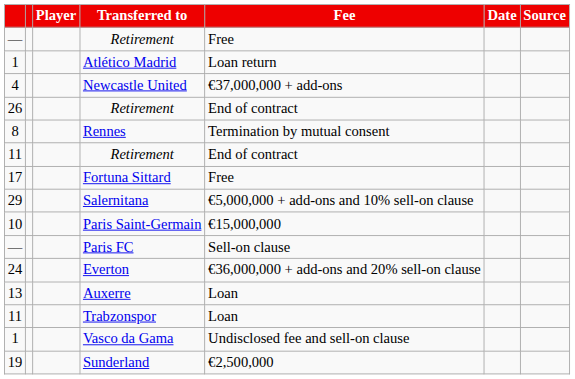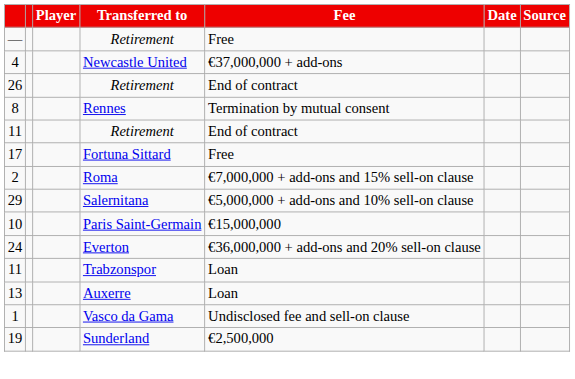 <table class="wikitable plainrowheaders sortable">
 <tr>
 <th style="background:#EE0000; color:#ffffff; "></th>
 <th style="background:#EE0000; color:#ffffff; "></th>
 <th style="background:#EE0000; color:#ffffff; ">Player</th>
 <th style="background:#EE0000; color:#ffffff; ">Transferred to</th>
 <th style="background:#EE0000; color:#ffffff; ">Fee</th>
 <th style="background:#EE0000; color:#ffffff; ">Date</th>
 <th style="background:#EE0000; color:#ffffff; ">Source</th>
 </tr>
 <tr>
 <td align=center>—</td>
 <td align=center></td>
 <td></td>
 <td align=center><em>Retirement</em></td>
 <td>Free</td>
-<td></td>
-<td></td>
-</tr>
-<tr>
-<td align=center>1</td>
-<td align=center></td>
-<td></td>
-<td> <a href='#'>Atlético Madrid</a></td>
-<td>Loan return</td>
 <td></td>
 <td></td>
 </tr>
 <tr>
 <td align=center>4</td>
 <td align=center></td>
 <td></td>
 <td> <a href='#'>Newcastle United</a></td>
 <td>€37,000,000 + add-ons</td>
 <td></td>
 <td></td>
 </tr>
 <tr>
 <td align=center>26</td>
 <td align=center></td>
 <td></td>
 <td align=center><em>Retirement</em></td>
 <td>End of contract</td>
 <td></td>
 <td></td>
 </tr>
 <tr>
 <td align=center>8</td>
 <td align=center></td>
 <td></td>
 <td> <a href='#'>Rennes</a></td>
 <td>Termination by mutual consent</td>
 <td></td>
 <td></td>
 </tr>
 <tr>
 <td align=center>11</td>
 <td align=center></td>
 <td></td>
 <td align=center><em>Retirement</em></td>
 <td>End of contract</td>
 <td></td>
 <td></td>
 </tr>
 <tr>
 <td align=center>17</td>
 <td align=center></td>
 <td></td>
 <td> <a href='#'>Fortuna Sittard</a></td>
 <td>Free</td>
 <td></td>
 <td></td>
 </tr>
 <tr>
+<td align=center>2</td>
+<td align=center></td>
+<td></td>
+<td> <a href='#'>Roma</a></td>
+<td>€7,000,000 + add-ons and 15% sell-on clause</td>
+<td></td>
+<td></td>
+</tr>
+<tr>
 <td align=center>29</td>
 <td align=center></td>
 <td></td>
 <td> <a href='#'>Salernitana</a></td>
 <td>€5,000,000 + add-ons and 10% sell-on clause</td>
 <td></td>
 <td></td>
 </tr>
 <tr>
 <td align=center>10</td>
 <td align=center></td>
 <td></td>
 <td> <a href='#'>Paris Saint-Germain</a></td>
 <td>€15,000,000</td>
 <td></td>
 <td></td>
 </tr>
 <tr>
-<td align=center>—</td>
-<td align=center></td>
-<td></td>
-<td> <a href='#'>Paris FC</a></td>
-<td>Sell-on clause</td>
-<td></td>
-<td></td>
-</tr>
-<tr>
 <td align=center>24</td>
 <td align=center></td>
 <td></td>
 <td> <a href='#'>Everton</a></td>
 <td>€36,000,000 + add-ons and 20% sell-on clause</td>
 <td></td>
 <td></td>
 </tr>
 <tr>
-<td align=center>13</td>
+<td align=center>11</td>
 <td align=center></td>
 <td></td>
-<td> <a href='#'>Auxerre</a></td>
+<td> <a href='#'>Trabzonspor</a></td>
 <td>Loan</td>
 <td></td>
 <td></td>
 </tr>
 <tr>
-<td align=center>11</td>
+<td align=center>13</td>
 <td align=center></td>
 <td></td>
-<td> <a href='#'>Trabzonspor</a></td>
+<td> <a href='#'>Auxerre</a></td>
 <td>Loan</td>
 <td></td>
 <td></td>
 </tr>
 <tr>
 <td align=center>1</td>
 <td align=center></td>
 <td></td>
 <td> <a href='#'>Vasco da Gama</a></td>
 <td>Undisclosed fee and sell-on clause</td>
 <td></td>
 <td></td>
 </tr>
 <tr>
 <td align=center>19</td>
 <td align=center></td>
 <td></td>
 <td> <a href='#'>Sunderland</a></td>
 <td>€2,500,000</td>
 <td></td>
 <td></td>
 </tr>
 </table>
